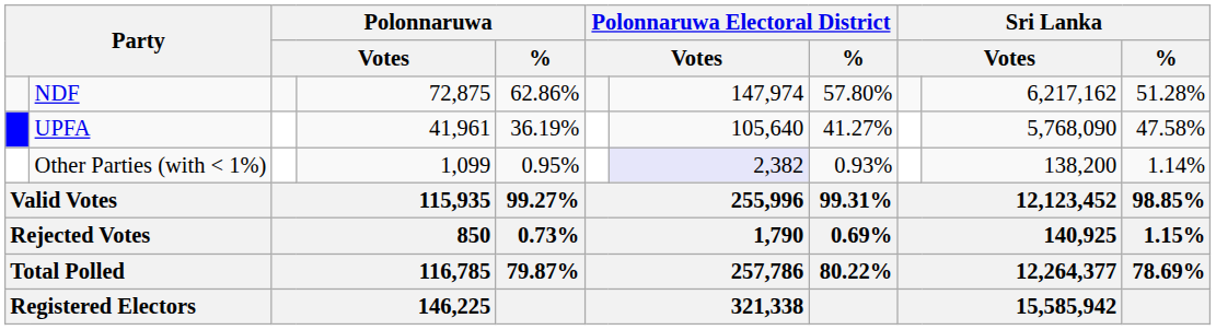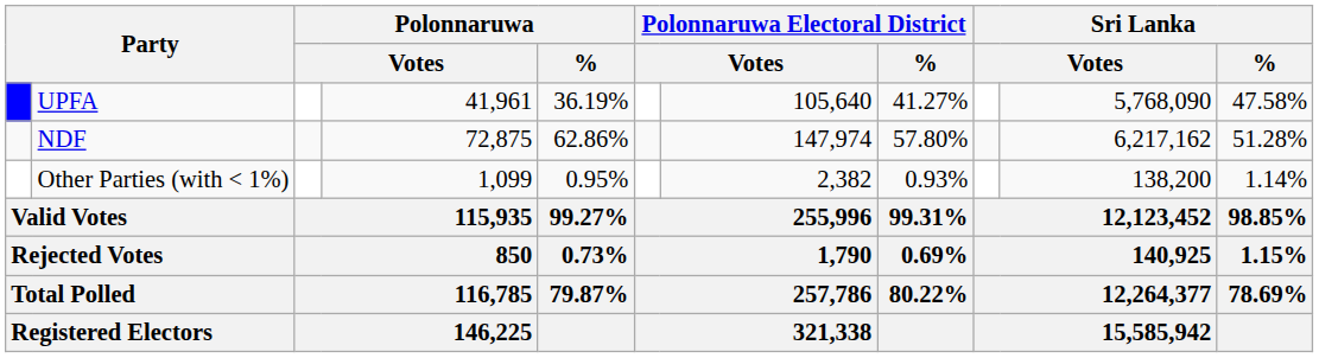 <table class="wikitable">
 <tr>
 <th colspan="2" width="144px"rowspan="2">Party</th>
 <th colspan="3" width="216px">Polonnaruwa</th>
 <th colspan="3" width="216px"><a href='#'>Polonnaruwa Electoral District</a></th>
 <th colspan="3" width="216px">Sri Lanka</th>
 </tr>
 <tr>
 <th colspan="2" width="144px">Votes</th>
 <th>%</th>
 <th colspan="2" width="144px">Votes</th>
 <th>%</th>
 <th colspan="2" width="144px">Votes</th>
 <th>%</th>
 </tr>
 <tr>
+<td style="background-color:blue;" width="10px"></td>
+<td style="text-align:left;"><a href='#'>UPFA</a></td>
+<td style="background-color:white;" width="10px"></td>
+<td style="text-align:right;">41,961</td>
+<td style="text-align:right;">36.19%</td>
+<td style="background-color:white;" width="10px"></td>
+<td style="text-align:right;">105,640</td>
+<td style="text-align:right;">41.27%</td>
+<td style="background-color:white;" width="10px"></td>
+<td style="text-align:right;">5,768,090</td>
+<td style="text-align:right;">47.58%</td>
+</tr>
+<tr>
 <td style="background-color:"></td>
 <td style="text-align:left;"><a href='#'>NDF</a></td>
 <td style="background-color:"></td>
 <td style="text-align:right;">72,875</td>
 <td style="text-align:right;">62.86%</td>
 <td style="background-color:"></td>
 <td style="text-align:right;">147,974</td>
 <td style="text-align:right;">57.80%</td>
 <td style="background-color:"></td>
 <td style="text-align:right;">6,217,162</td>
 <td style="text-align:right;">51.28%</td>
 </tr>
 <tr>
-<td style="background-color:blue;" width="10px"></td>
-<td style="text-align:left;"><a href='#'>UPFA</a></td>
-<td style="background-color:white;" width="10px"></td>
-<td style="text-align:right;">41,961</td>
-<td style="text-align:right;">36.19%</td>
-<td style="background-color:white;" width="10px"></td>
-<td style="text-align:right;">105,640</td>
-<td style="text-align:right;">41.27%</td>
-<td style="background-color:white;" width="10px"></td>
-<td style="text-align:right;">5,768,090</td>
-<td style="text-align:right;">47.58%</td>
-</tr>
-<tr>
 <td style="background-color:white;" width="10px"></td>
 <td style="text-align:left;">Other Parties (with < 1%)</td>
 <td style="background-color:white;" width="10px"></td>
 <td style="text-align:right;">1,099</td>
 <td style="text-align:right;">0.95%</td>
 <td style="background-color:white;" width="10px"></td>
-<td style="background: lavender; text-align:right;">2,382</td>
+<td style="text-align:right;">2,382</td>
 <td style="text-align:right;">0.93%</td>
 <td style="background-color:white;" width="10px"></td>
 <td style="text-align:right;">138,200</td>
 <td style="text-align:right;">1.14%</td>
 </tr>
 <tr>
 <th colspan="2" width="144px"style="text-align:left;">Valid Votes</th>
 <th style="text-align:right;"colspan="2" width="144px">115,935</th>
 <th style="text-align:right;">99.27%</th>
 <th style="text-align:right;"colspan="2" width="144px">255,996</th>
 <th style="text-align:right;">99.31%</th>
 <th style="text-align:right;"colspan="2" width="144px">12,123,452</th>
 <th style="text-align:right;">98.85%</th>
 </tr>
 <tr>
 <th colspan="2" width="144px"style="text-align:left;">Rejected Votes</th>
 <th style="text-align:right;"colspan="2" width="144px">850</th>
 <th style="text-align:right;">0.73%</th>
 <th style="text-align:right;"colspan="2" width="144px">1,790</th>
 <th style="text-align:right;">0.69%</th>
 <th style="text-align:right;"colspan="2" width="144px">140,925</th>
 <th style="text-align:right;">1.15%</th>
 </tr>
 <tr>
 <th colspan="2" width="144px"style="text-align:left;">Total Polled</th>
 <th style="text-align:right;"colspan="2" width="144px">116,785</th>
 <th style="text-align:right;">79.87%</th>
 <th style="text-align:right;"colspan="2" width="144px">257,786</th>
 <th style="text-align:right;">80.22%</th>
 <th style="text-align:right;"colspan="2" width="144px">12,264,377</th>
 <th style="text-align:right;">78.69%</th>
 </tr>
 <tr>
 <th colspan="2" width="144px"style="text-align:left;">Registered Electors</th>
 <th style="text-align:right;"colspan="2" width="144px">146,225</th>
 <th></th>
 <th style="text-align:right;"colspan="2" width="144px">321,338</th>
 <th></th>
 <th style="text-align:right;"colspan="2" width="144px">15,585,942</th>
 <th></th>
 </tr>
 </table>
